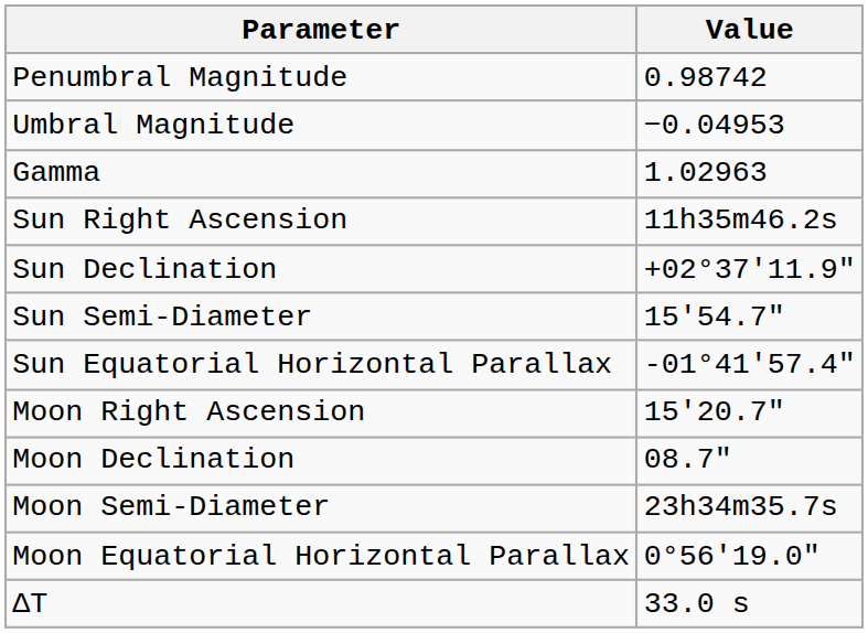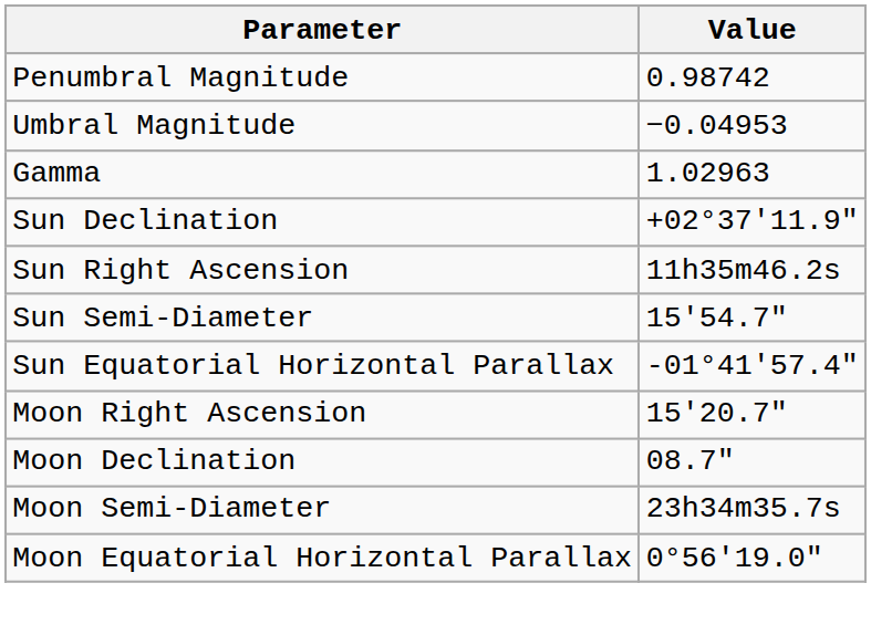 <table class="wikitable">
 <tr>
 <th>Parameter</th>
 <th>Value</th>
 </tr>
 <tr>
 <td>Penumbral Magnitude</td>
 <td>0.98742</td>
 </tr>
 <tr>
 <td>Umbral Magnitude</td>
 <td>−0.04953</td>
 </tr>
 <tr>
 <td>Gamma</td>
 <td>1.02963</td>
 </tr>
 <tr>
+<td>Sun Declination</td>
+<td>+02°37'11.9"</td>
+</tr>
+<tr>
 <td>Sun Right Ascension</td>
 <td>11h35m46.2s</td>
-</tr>
-<tr>
-<td>Sun Declination</td>
-<td>+02°37'11.9"</td>
 </tr>
 <tr>
 <td>Sun Semi-Diameter</td>
 <td>15'54.7"</td>
 </tr>
 <tr>
 <td>Sun Equatorial Horizontal Parallax</td>
 <td>-01°41'57.4"</td>
 </tr>
 <tr>
 <td>Moon Right Ascension</td>
 <td>15'20.7"</td>
 </tr>
 <tr>
 <td>Moon Declination</td>
 <td>08.7"</td>
 </tr>
 <tr>
 <td>Moon Semi-Diameter</td>
 <td>23h34m35.7s</td>
 </tr>
 <tr>
 <td>Moon Equatorial Horizontal Parallax</td>
 <td>0°56'19.0"</td>
 </tr>
-<tr>
-<td>ΔT</td>
-<td>33.0 s</td>
-</tr>
 </table>
